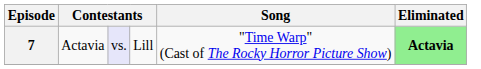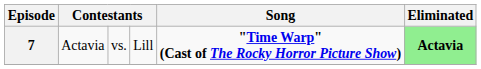 <table class="wikitable" style="text-align:center;">
 <tr>
 <th scope="col">Episode</th>
 <th scope="col" colspan="3">Contestants</th>
 <th scope="col">Song</th>
 <th scope="col">Eliminated</th>
 </tr>
 <tr>
 <th scope="row">7</th>
 <td>Actavia</td>
-<td style="background: lavender;">vs.</td>
+<td>vs.</td>
 <td>Lill</td>
-<td>"<a href='#'>Time Warp</a>" <br>(Cast of <em><a href='#'>The Rocky Horror Picture Show</a></em>)</td>
+<td><strong>"<a href='#'>Time Warp</a>" <br>(Cast of <em><a href='#'>The Rocky Horror Picture Show</a></em>)</strong></td>
 <td style="background:lightgreen"><strong>Actavia</strong></td>
 </tr>
 <tr>
 </tr>
 </table>
